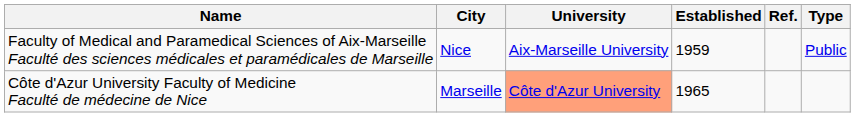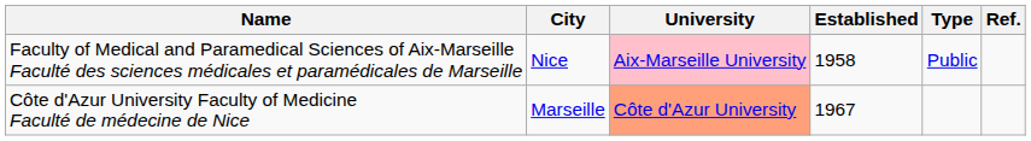 <table class="wikitable">
 <tr>
 <th>Name</th>
 <th>City</th>
 <th>University</th>
 <th>Established</th>
+<th>Type</th>
 <th>Ref.</th>
-<th>Type</th>
 </tr>
 <tr>
 <td>Faculty of Medical and Paramedical Sciences of Aix-Marseille<br><em>Faculté des sciences médicales et paramédicales de Marseille</em></td>
 <td><a href='#'>Nice</a></td>
-<td><a href='#'>Aix-Marseille University</a></td>
-<td>1959</td>
+<td style="background: pink;"><a href='#'>Aix-Marseille University</a></td>
+<td>1958</td>
+<td><a href='#'>Public</a></td>
 <td></td>
-<td><a href='#'>Public</a></td>
 </tr>
 <tr>
 <td>Côte d'Azur University Faculty of Medicine<br><em>Faculté de médecine de Nice</em></td>
 <td><a href='#'>Marseille</a></td>
 <td style="background: lightsalmon;"><a href='#'>Côte d'Azur University</a></td>
-<td>1965</td>
+<td>1967</td>
 <td></td>
 <td></td>
 </tr>
 </table>
